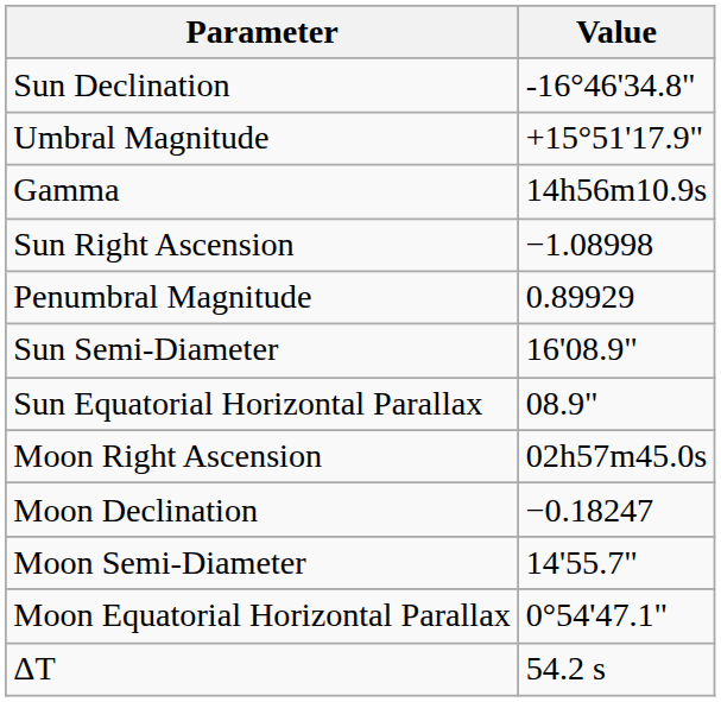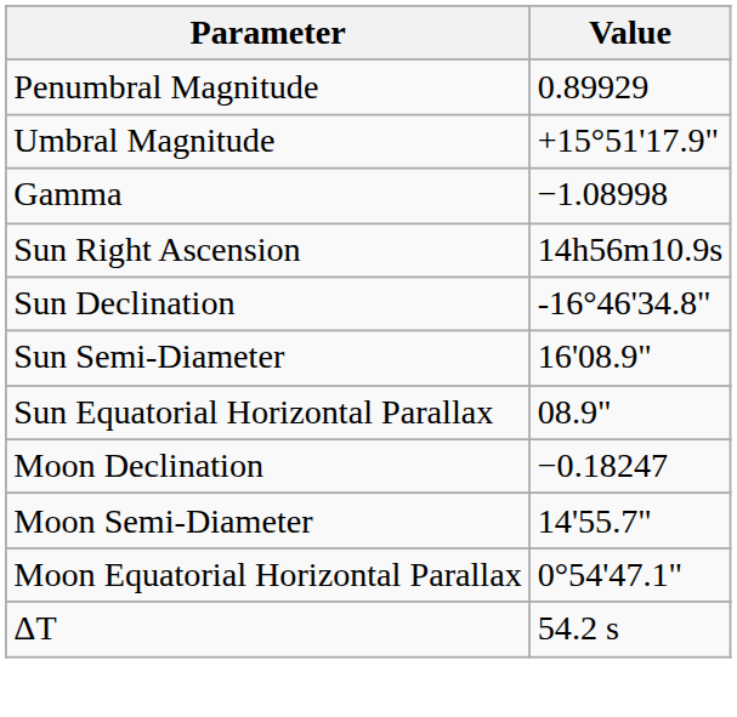 <table class="wikitable">
 <tr>
 <th>Parameter</th>
 <th>Value</th>
 </tr>
 <tr>
-<td>Sun Declination</td>
-<td>-16°46'34.8"</td>
+<td>Penumbral Magnitude</td>
+<td>0.89929</td>
 </tr>
 <tr>
 <td>Umbral Magnitude</td>
 <td>+15°51'17.9"</td>
 </tr>
 <tr>
 <td>Gamma</td>
+<td>−1.08998</td>
+</tr>
+<tr>
+<td>Sun Right Ascension</td>
 <td>14h56m10.9s</td>
 </tr>
 <tr>
-<td>Sun Right Ascension</td>
-<td>−1.08998</td>
-</tr>
-<tr>
-<td>Penumbral Magnitude</td>
-<td>0.89929</td>
+<td>Sun Declination</td>
+<td>-16°46'34.8"</td>
 </tr>
 <tr>
 <td>Sun Semi-Diameter</td>
 <td>16'08.9"</td>
 </tr>
 <tr>
 <td>Sun Equatorial Horizontal Parallax</td>
 <td>08.9"</td>
-</tr>
-<tr>
-<td>Moon Right Ascension</td>
-<td>02h57m45.0s</td>
 </tr>
 <tr>
 <td>Moon Declination</td>
 <td>−0.18247</td>
 </tr>
 <tr>
 <td>Moon Semi-Diameter</td>
 <td>14'55.7"</td>
 </tr>
 <tr>
 <td>Moon Equatorial Horizontal Parallax</td>
 <td>0°54'47.1"</td>
 </tr>
 <tr>
 <td>ΔT</td>
 <td>54.2 s</td>
 </tr>
 </table>
